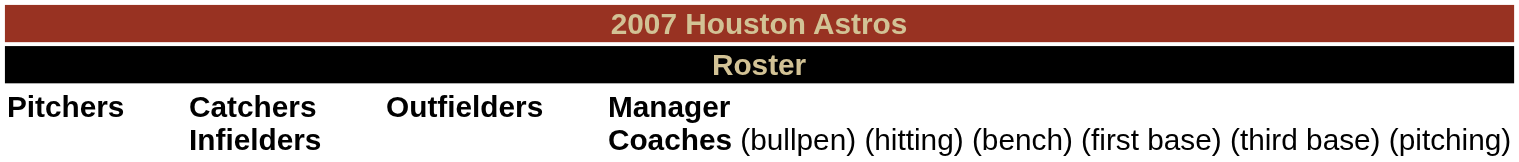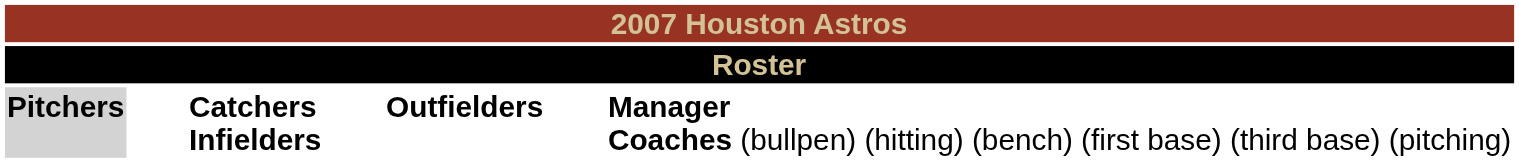 <table class="toccolours" style="font-size: 95%;">
 <tr>
 <th colspan="10" style="background:#983222; color:#d2c295; text-align:center;">2007 Houston Astros</th>
 </tr>
 <tr>
 <td colspan="10" style="background:#000; color:#d2c295; text-align:center;"><strong>Roster</strong></td>
 </tr>
 <tr>
-<td valign="top"><strong>Pitchers</strong><br>                    </td>
+<td valign="top" style="background: lightgrey;"><strong>Pitchers</strong><br>                    </td>
 <td width="25px"></td>
 <td valign="top"><strong>Catchers</strong><br>    <strong>Infielders</strong>          </td>
 <td width="25px"></td>
 <td valign="top"><strong>Outfielders</strong><br>     </td>
 <td width="25px"></td>
 <td valign="top"><strong>Manager</strong><br> <strong>Coaches</strong> (bullpen)  (hitting)  (bench)  (first base)  (third base)  (pitching)</td>
 </tr>
 </table>
